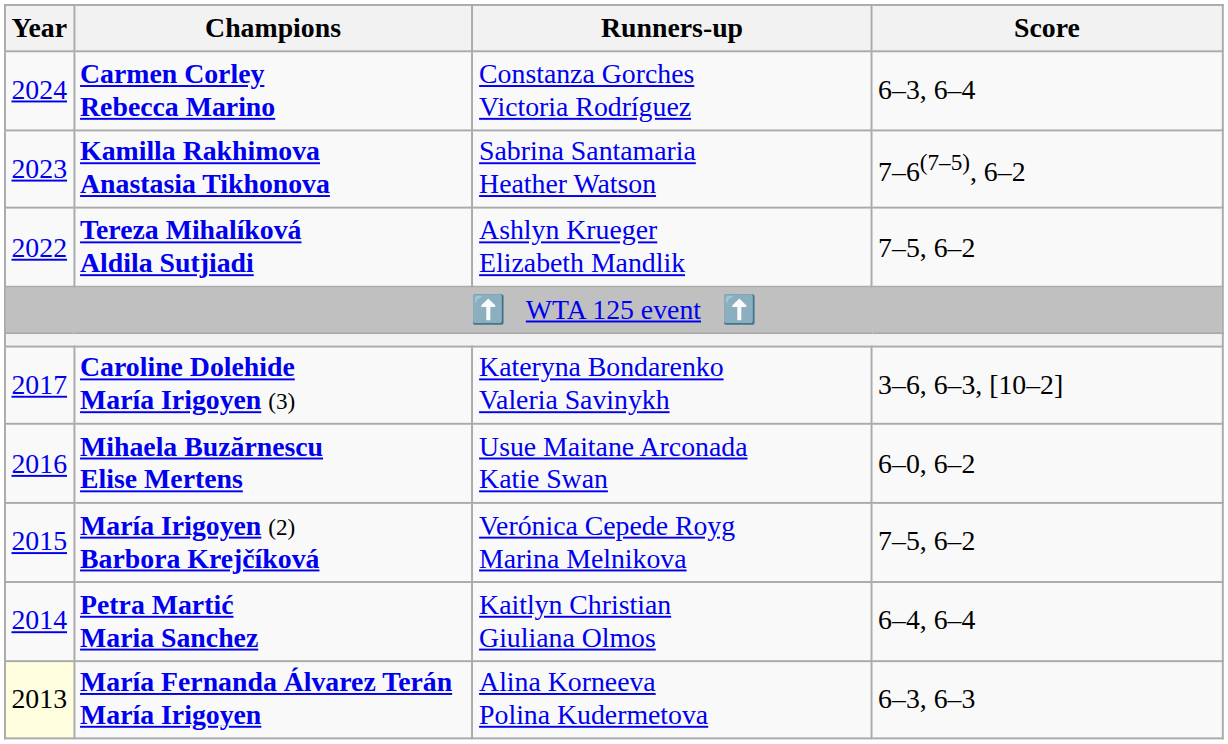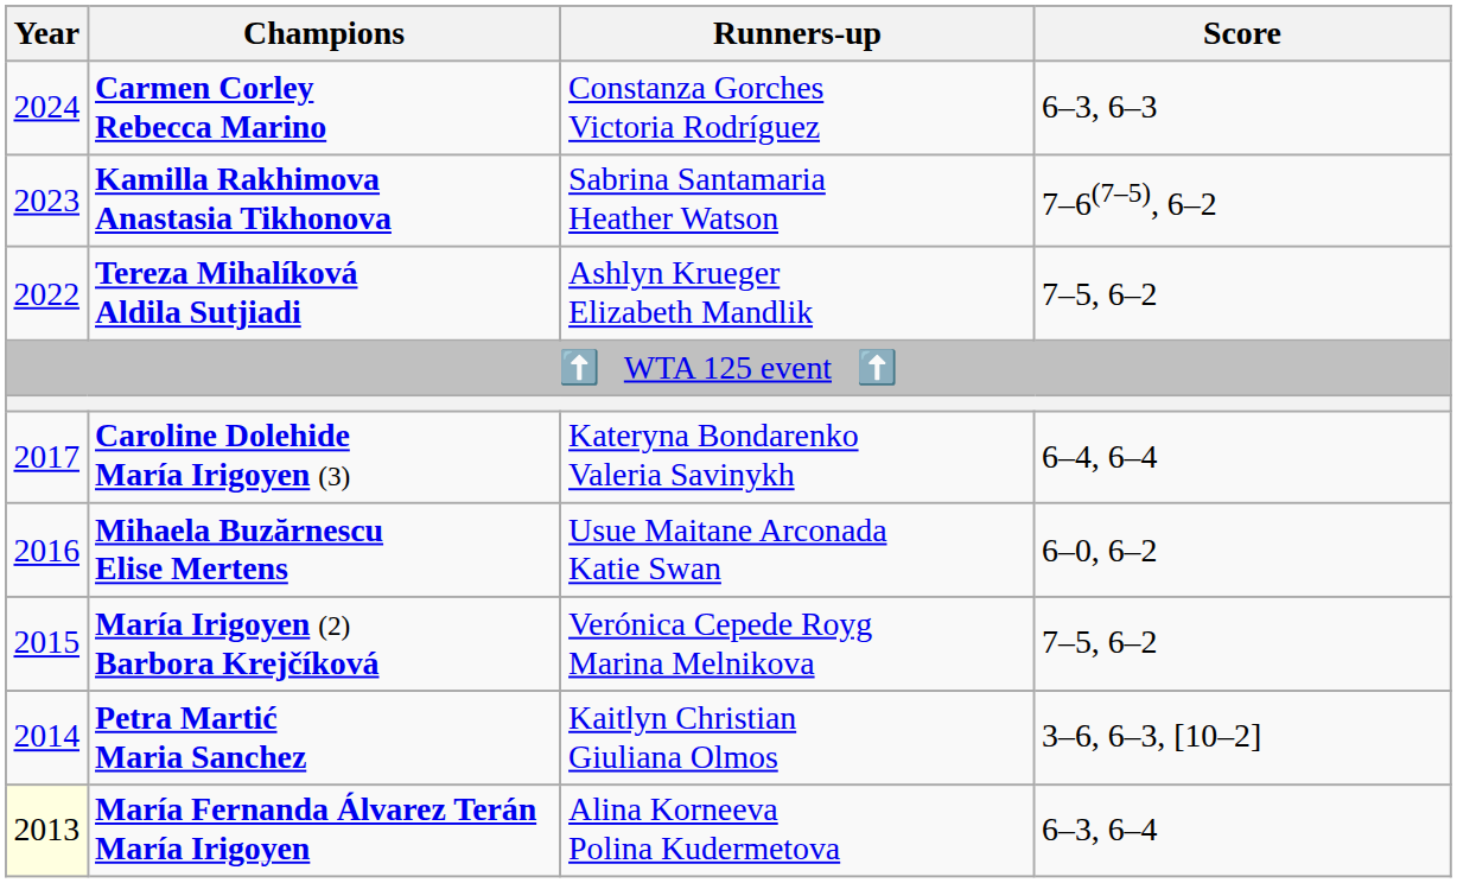 <table class="wikitable" style="font-size:90%">
 <tr>
 <th>Year</th>
 <th width="200">Champions</th>
 <th width="200">Runners-up</th>
 <th width="175">Score</th>
 </tr>
 <tr>
 <td><a href='#'>2024</a></td>
 <td> <strong><a href='#'>Carmen Corley</a></strong> <br>  <strong><a href='#'>Rebecca Marino</a></strong></td>
 <td> <a href='#'>Constanza Gorches</a> <br>  <a href='#'>Victoria Rodríguez</a></td>
-<td>6–3, 6–4</td>
+<td>6–3, 6–3</td>
 </tr>
 <tr>
 <td><a href='#'>2023</a></td>
 <td> <strong><a href='#'>Kamilla Rakhimova</a></strong> <br>  <strong><a href='#'>Anastasia Tikhonova</a></strong></td>
 <td> <a href='#'>Sabrina Santamaria</a> <br>  <a href='#'>Heather Watson</a></td>
 <td>7–6<sup>(7–5)</sup>, 6–2</td>
 </tr>
 <tr>
 <td><a href='#'>2022</a></td>
 <td> <strong><a href='#'>Tereza Mihalíková</a></strong> <br>  <strong><a href='#'>Aldila Sutjiadi</a></strong></td>
 <td> <a href='#'>Ashlyn Krueger</a> <br>  <a href='#'>Elizabeth Mandlik</a></td>
 <td>7–5, 6–2</td>
 </tr>
 <tr>
 <td colspan="4" align="center" bgcolor=silver>⬆️   <a href='#'>WTA 125 event</a>   ⬆️</td>
 </tr>
 <tr>
 <th colspan="4"></th>
 </tr>
 <tr>
 <td><a href='#'>2017</a></td>
 <td> <strong><a href='#'>Caroline Dolehide</a></strong> <br>  <strong><a href='#'>María Irigoyen</a></strong> <small>(3)</small></td>
 <td> <a href='#'>Kateryna Bondarenko</a> <br>  <a href='#'>Valeria Savinykh</a></td>
-<td>3–6, 6–3, [10–2]</td>
+<td>6–4, 6–4</td>
 </tr>
 <tr>
 <td><a href='#'>2016</a></td>
 <td> <strong><a href='#'>Mihaela Buzărnescu</a></strong> <br>  <strong><a href='#'>Elise Mertens</a></strong></td>
 <td> <a href='#'>Usue Maitane Arconada</a> <br>  <a href='#'>Katie Swan</a></td>
 <td>6–0, 6–2</td>
 </tr>
 <tr>
 <td><a href='#'>2015</a></td>
 <td> <strong><a href='#'>María Irigoyen</a></strong> <small>(2)</small> <br>  <strong><a href='#'>Barbora Krejčíková</a></strong></td>
 <td> <a href='#'>Verónica Cepede Royg</a> <br>  <a href='#'>Marina Melnikova</a></td>
 <td>7–5, 6–2</td>
 </tr>
 <tr>
 <td><a href='#'>2014</a></td>
 <td> <strong><a href='#'>Petra Martić</a></strong> <br>  <strong><a href='#'>Maria Sanchez</a></strong></td>
 <td> <a href='#'>Kaitlyn Christian</a> <br>  <a href='#'>Giuliana Olmos</a></td>
-<td>6–4, 6–4</td>
+<td>3–6, 6–3, [10–2]</td>
 </tr>
 <tr>
 <td style="background: lightyellow;">2013</td>
 <td> <strong><a href='#'>María Fernanda Álvarez Terán</a></strong> <br>  <strong><a href='#'>María Irigoyen</a></strong></td>
 <td> <a href='#'>Alina Korneeva</a> <br>  <a href='#'>Polina Kudermetova</a></td>
-<td>6–3, 6–3</td>
+<td>6–3, 6–4</td>
 </tr>
 </table>
